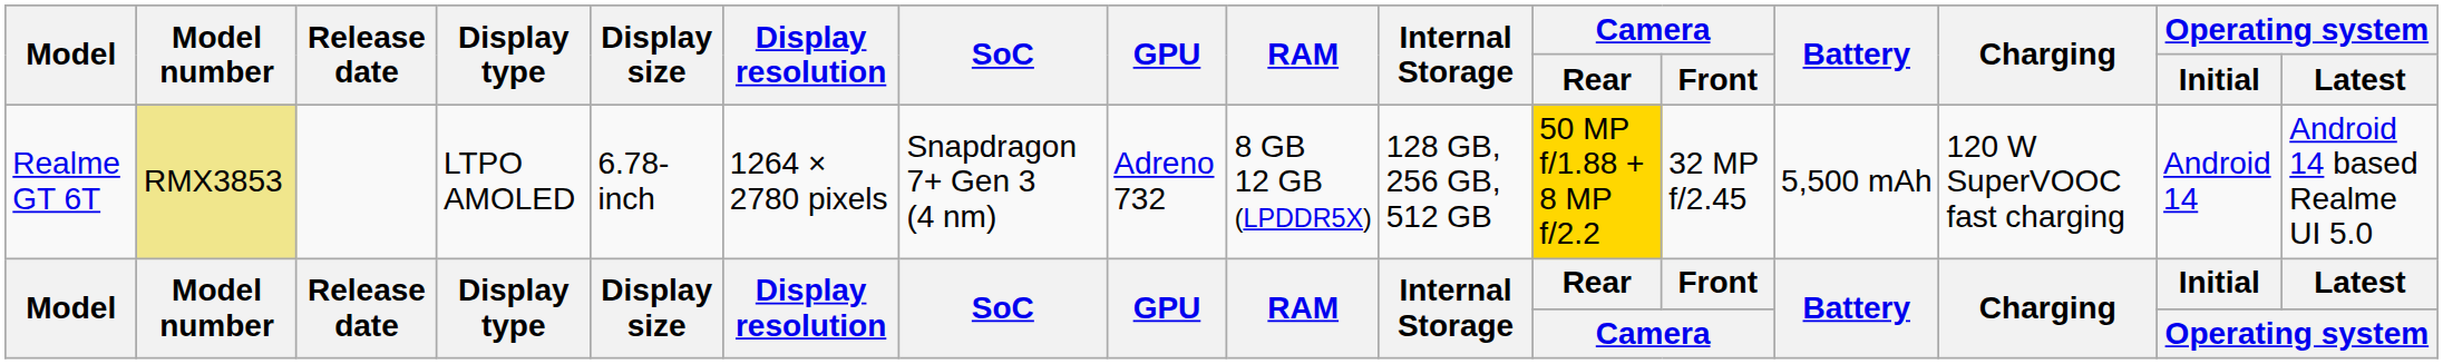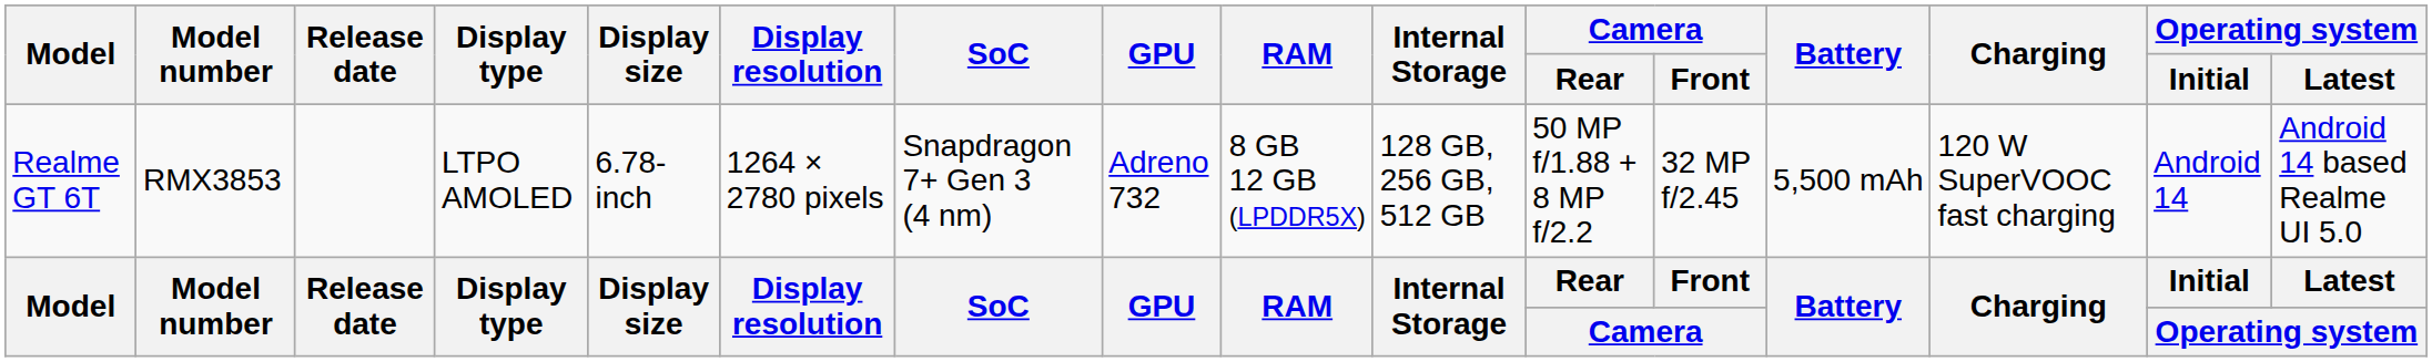 <table class="wikitable sortable mw-collapsible">
 <tr>
 <th rowspan="2">Model</th>
 <th rowspan="2">Model number</th>
 <th rowspan="2">Release date </th>
 <th rowspan="2">Display type</th>
 <th rowspan="2">Display size</th>
 <th rowspan="2"><a href='#'>Display resolution</a></th>
 <th rowspan="2"><a href='#'>SoC</a></th>
 <th rowspan="2"><a href='#'>GPU</a></th>
 <th rowspan="2"><a href='#'>RAM</a></th>
 <th rowspan="2">Internal Storage</th>
 <th colspan="2"><a href='#'>Camera</a></th>
 <th rowspan="2"><a href='#'>Battery</a></th>
 <th rowspan="2">Charging</th>
 <th colspan="2"><a href='#'>Operating system</a></th>
 </tr>
 <tr>
 <th>Rear</th>
 <th>Front</th>
 <th>Initial</th>
 <th>Latest</th>
 </tr>
 <tr>
 <td><a href='#'>Realme GT 6T</a></td>
-<td style="background: khaki;">RMX3853</td>
+<td>RMX3853</td>
 <td></td>
 <td>LTPO AMOLED</td>
 <td>6.78-inch</td>
 <td>1264 × 2780 pixels</td>
 <td>Snapdragon 7+ Gen 3 (4 nm)</td>
 <td><a href='#'>Adreno</a> 732</td>
 <td>8 GB<br>12 GB<br><small>(<a href='#'>LPDDR5X</a>)</small></td>
 <td>128 GB, 256 GB, 512 GB</td>
-<td style="background: gold;">50 MP f/1.88 + 8 MP f/2.2</td>
+<td>50 MP f/1.88 + 8 MP f/2.2</td>
 <td>32 MP f/2.45</td>
 <td>5,500 mAh</td>
 <td>120 W SuperVOOC fast charging</td>
 <td><a href='#'>Android 14</a></td>
 <td><a href='#'>Android 14</a> based Realme UI 5.0</td>
 </tr>
 <tr>
 <th rowspan="2">Model</th>
 <th rowspan="2">Model number</th>
 <th rowspan="2">Release date </th>
 <th rowspan="2">Display type</th>
 <th rowspan="2">Display size</th>
 <th rowspan="2"><a href='#'>Display resolution</a></th>
 <th rowspan="2"><a href='#'>SoC</a></th>
 <th rowspan="2"><a href='#'>GPU</a></th>
 <th rowspan="2"><a href='#'>RAM</a></th>
 <th rowspan="2">Internal Storage</th>
 <th>Rear</th>
 <th>Front</th>
 <th rowspan="2"><a href='#'>Battery</a></th>
 <th rowspan="2">Charging</th>
 <th>Initial</th>
 <th>Latest</th>
 </tr>
 <tr>
 <th colspan="2"><a href='#'>Camera</a></th>
 <th colspan="2"><a href='#'>Operating system</a></th>
 </tr>
 </table>
